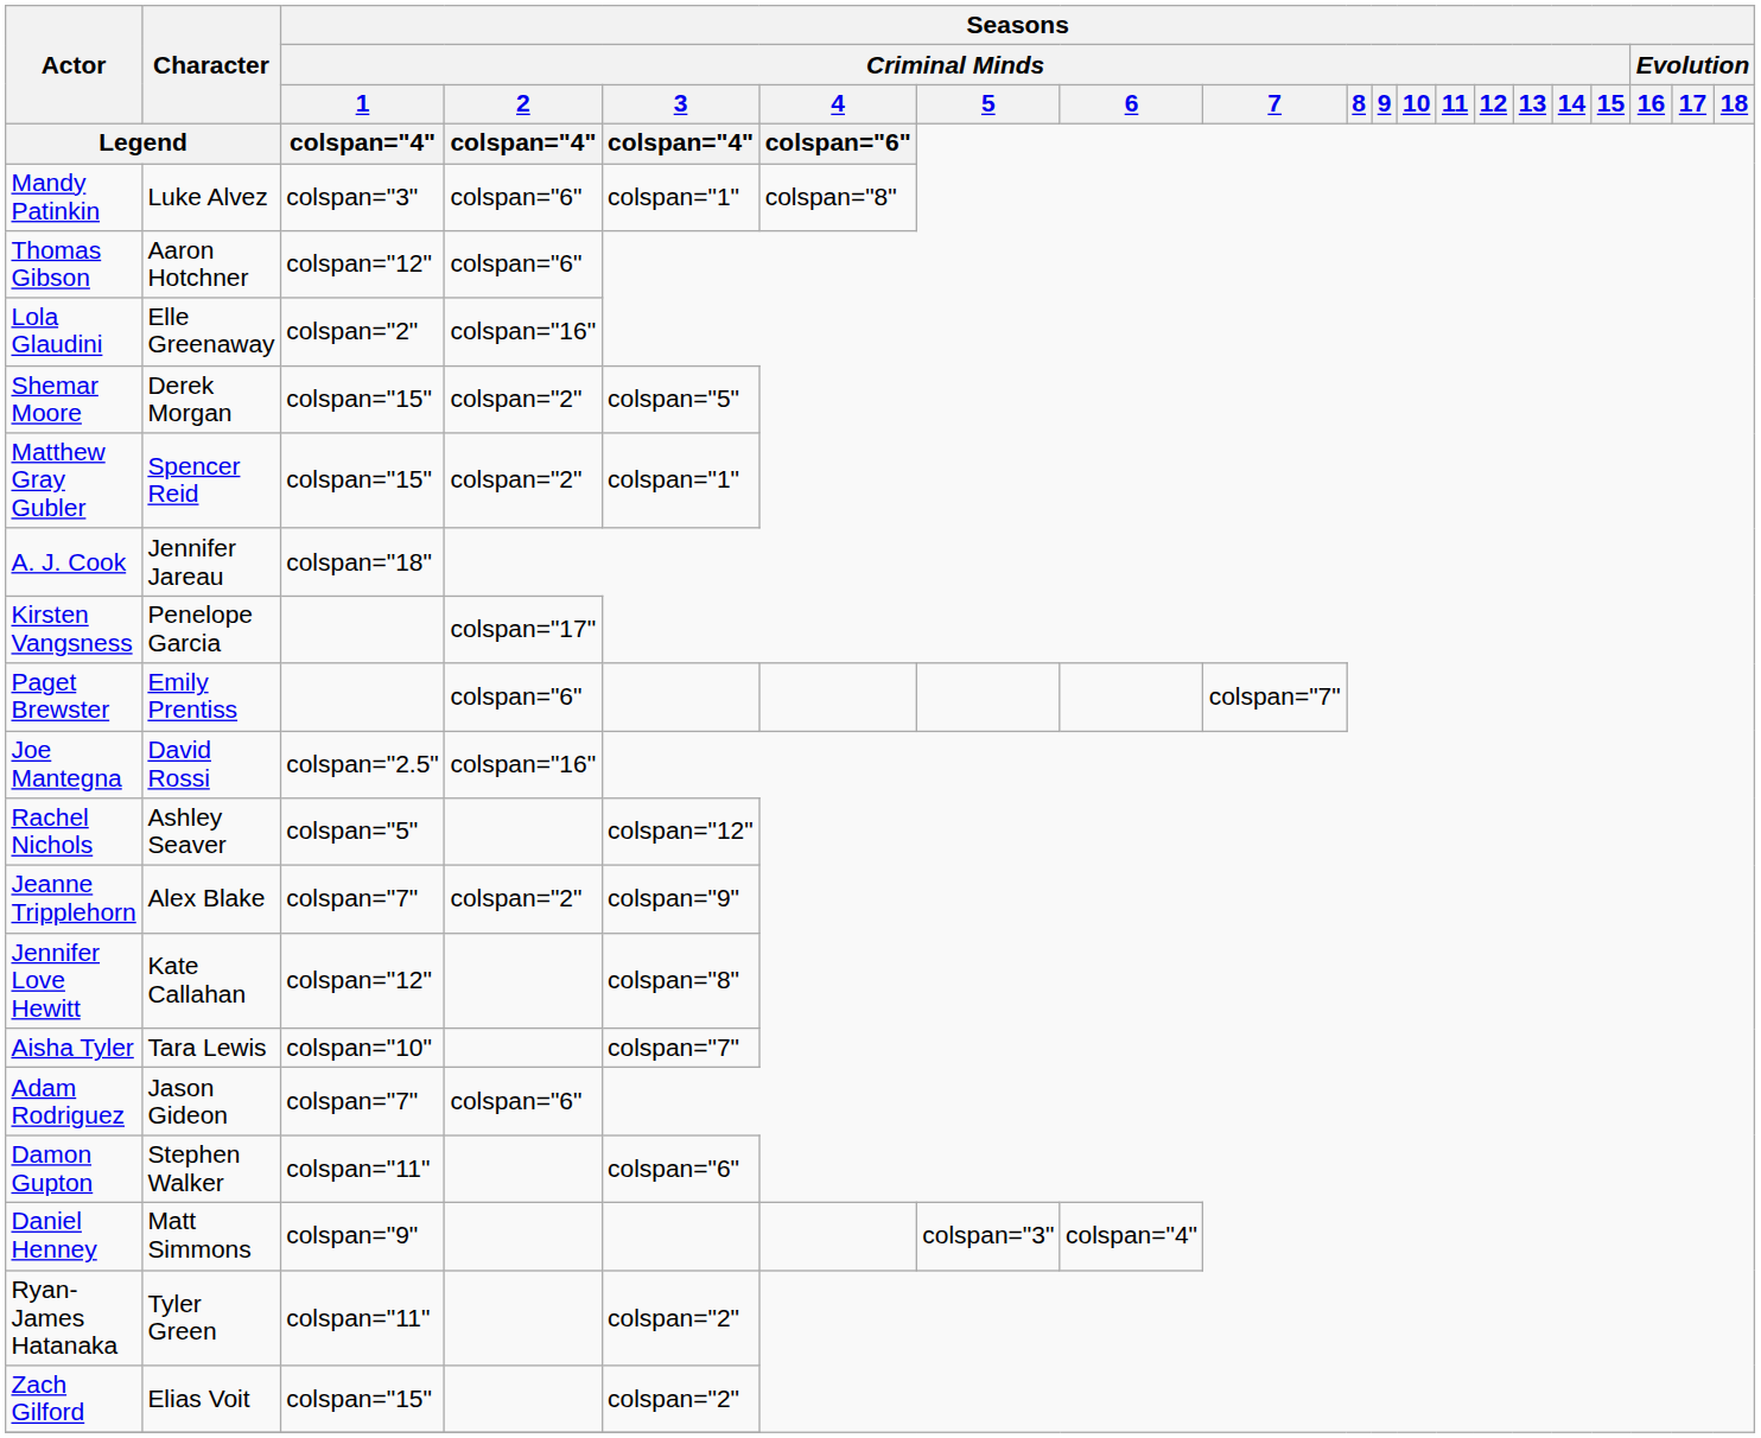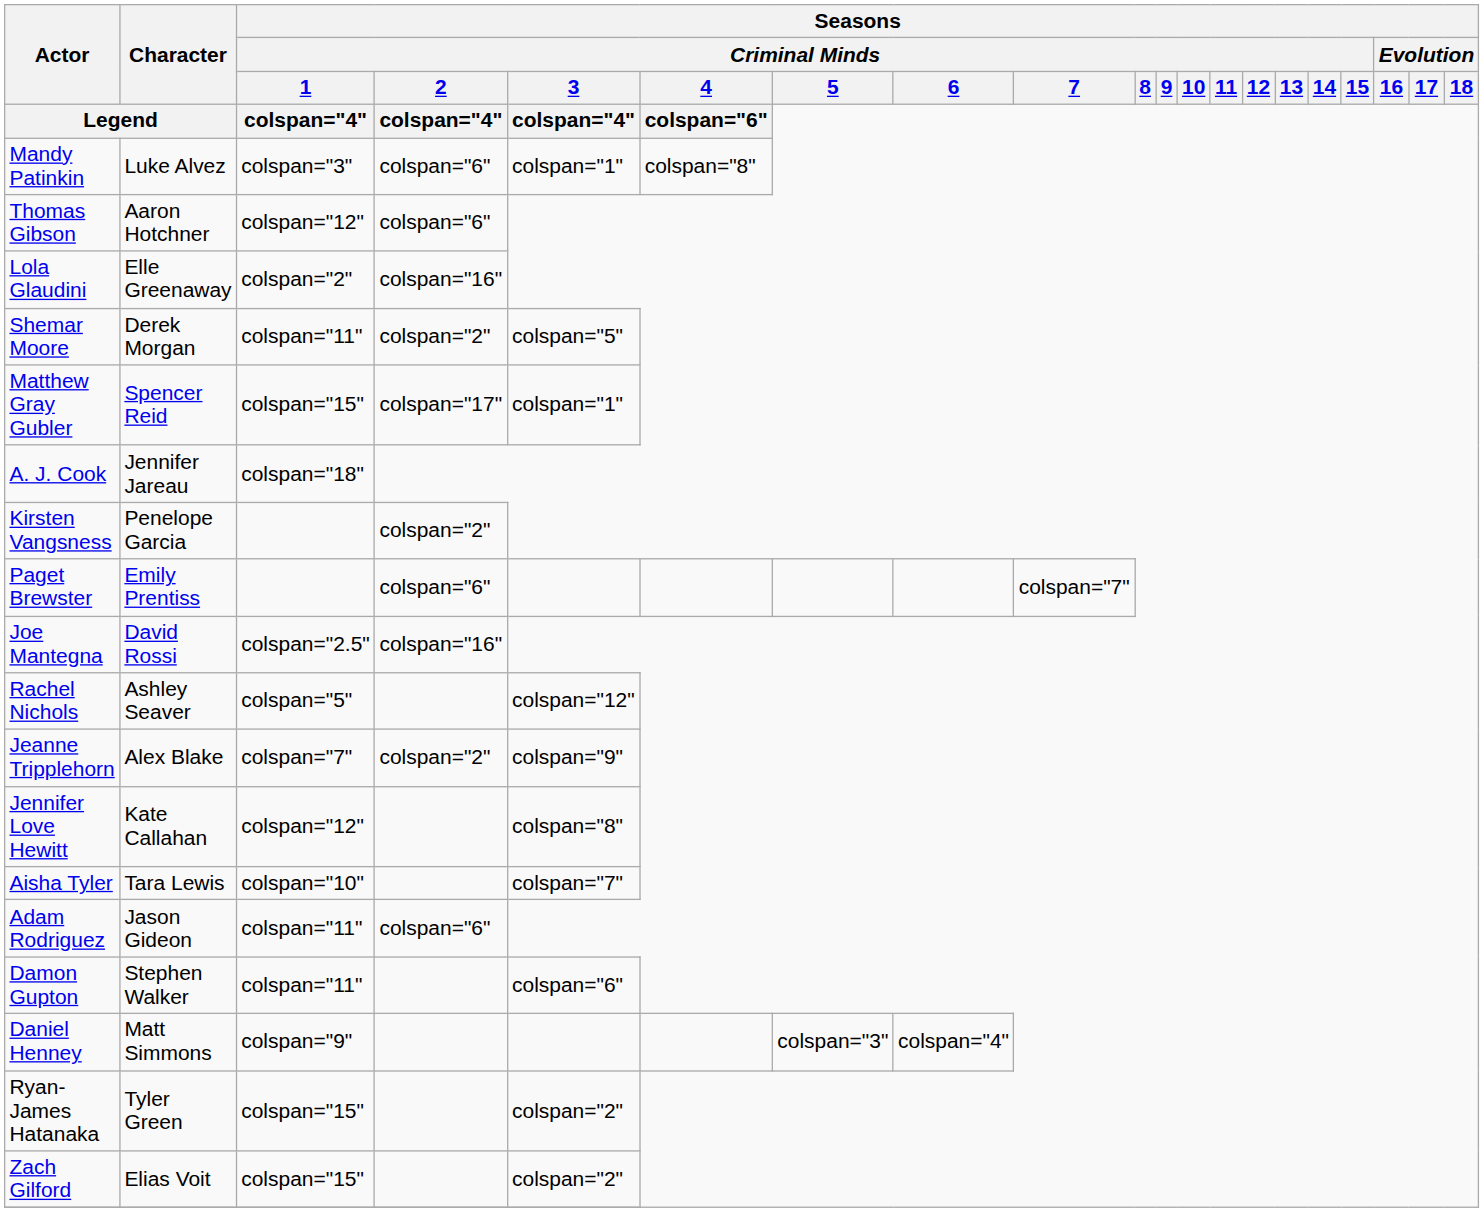 <table class="wikitable">
 <tr>
 <th rowspan="3">Actor</th>
 <th rowspan="3">Character</th>
 <th colspan="18">Seasons</th>
 </tr>
 <tr>
 <th colspan="15"><em>Criminal Minds</em></th>
 <th colspan="3"><em>Evolution</em></th>
 </tr>
 <tr>
 <th style=width:4.5%><a href='#'>1</a></th>
 <th style=width:4.5%><a href='#'>2</a></th>
 <th style=width:4.5%><a href='#'>3</a></th>
 <th style=width:4.5%><a href='#'>4</a></th>
 <th style=width:4.5%><a href='#'>5</a></th>
 <th style=width:4.5%><a href='#'>6</a></th>
 <th style=width:4.5%><a href='#'>7</a></th>
 <th style=width:4.5%><a href='#'>8</a></th>
 <th style=width:4.5%><a href='#'>9</a></th>
 <th style=width:4.5%><a href='#'>10</a></th>
 <th style=width:4.5%><a href='#'>11</a></th>
 <th style=width:4.5%><a href='#'>12</a></th>
 <th style=width:4.5%><a href='#'>13</a></th>
 <th style=width:4.5%><a href='#'>14</a></th>
 <th style=width:4.5%><a href='#'>15</a></th>
 <th style=width:4.5%><a href='#'>16</a></th>
 <th style=width:4.5%><a href='#'>17</a></th>
 <th style=width:4.5%><a href='#'>18</a></th>
 </tr>
 <tr>
 <th colspan="2">Legend</th>
 <th>colspan="4" </th>
 <th>colspan="4" </th>
 <th>colspan="4" </th>
 <th>colspan="6" </th>
 </tr>
 <tr>
 <td><a href='#'>Mandy Patinkin</a></td>
 <td>Luke Alvez</td>
 <td>colspan="3" </td>
 <td>colspan="6" </td>
 <td>colspan="1" </td>
 <td>colspan="8" </td>
 </tr>
 <tr>
 <td><a href='#'>Thomas Gibson</a></td>
 <td>Aaron Hotchner</td>
 <td>colspan="12" </td>
 <td>colspan="6" </td>
 </tr>
 <tr>
 <td><a href='#'>Lola Glaudini</a></td>
 <td>Elle Greenaway</td>
 <td>colspan="2" </td>
 <td>colspan="16" </td>
 </tr>
 <tr>
 <td><a href='#'>Shemar Moore</a></td>
 <td>Derek Morgan</td>
-<td>colspan="15" </td>
+<td>colspan="11" </td>
 <td>colspan="2" </td>
 <td>colspan="5" </td>
 </tr>
 <tr>
 <td><a href='#'>Matthew Gray Gubler</a></td>
 <td><a href='#'>Spencer Reid</a></td>
 <td>colspan="15" </td>
-<td>colspan="2" </td>
+<td>colspan="17" </td>
 <td>colspan="1" </td>
 </tr>
 <tr>
 <td><a href='#'>A. J. Cook</a></td>
 <td>Jennifer Jareau</td>
 <td>colspan="18" </td>
 </tr>
 <tr>
 <td><a href='#'>Kirsten Vangsness</a></td>
 <td>Penelope Garcia<br></td>
 <td></td>
-<td>colspan="17" </td>
+<td>colspan="2" </td>
 </tr>
 <tr>
 <td><a href='#'>Paget Brewster</a></td>
 <td><a href='#'>Emily Prentiss</a></td>
 <td></td>
 <td>colspan="6" </td>
 <td></td>
 <td></td>
 <td></td>
 <td></td>
 <td>colspan="7" </td>
 </tr>
 <tr>
 <td><a href='#'>Joe Mantegna</a></td>
 <td><a href='#'>David Rossi</a></td>
 <td>colspan="2.5" </td>
 <td>colspan="16" </td>
 </tr>
 <tr>
 <td><a href='#'>Rachel Nichols</a></td>
 <td>Ashley Seaver</td>
 <td>colspan="5" </td>
 <td></td>
 <td>colspan="12" </td>
 </tr>
 <tr>
 <td><a href='#'>Jeanne Tripplehorn</a></td>
 <td>Alex Blake</td>
 <td>colspan="7" </td>
 <td>colspan="2" </td>
 <td>colspan="9" </td>
 </tr>
 <tr>
 <td><a href='#'>Jennifer Love Hewitt</a></td>
 <td>Kate Callahan</td>
 <td>colspan="12" </td>
 <td></td>
 <td>colspan="8" </td>
 </tr>
 <tr>
 <td><a href='#'>Aisha Tyler</a></td>
 <td>Tara Lewis</td>
 <td>colspan="10" </td>
 <td></td>
 <td>colspan="7" </td>
 </tr>
 <tr>
 <td><a href='#'>Adam Rodriguez</a></td>
 <td>Jason Gideon</td>
-<td>colspan="7" </td>
+<td>colspan="11" </td>
 <td>colspan="6" </td>
 </tr>
 <tr>
 <td><a href='#'>Damon Gupton</a></td>
 <td>Stephen Walker</td>
 <td>colspan="11" </td>
 <td></td>
 <td>colspan="6" </td>
 </tr>
 <tr>
 <td><a href='#'>Daniel Henney</a></td>
 <td>Matt Simmons</td>
 <td>colspan="9" </td>
 <td></td>
 <td></td>
 <td></td>
 <td>colspan="3" </td>
 <td>colspan="4" </td>
 </tr>
 <tr>
 <td>Ryan-James Hatanaka</td>
 <td>Tyler Green</td>
-<td>colspan="11" </td>
+<td>colspan="15" </td>
 <td></td>
 <td>colspan="2" </td>
 </tr>
 <tr>
 <td><a href='#'>Zach Gilford</a></td>
 <td>Elias Voit</td>
 <td>colspan="15" </td>
 <td></td>
 <td>colspan="2" </td>
 </tr>
 <tr>
 </tr>
 </table>
